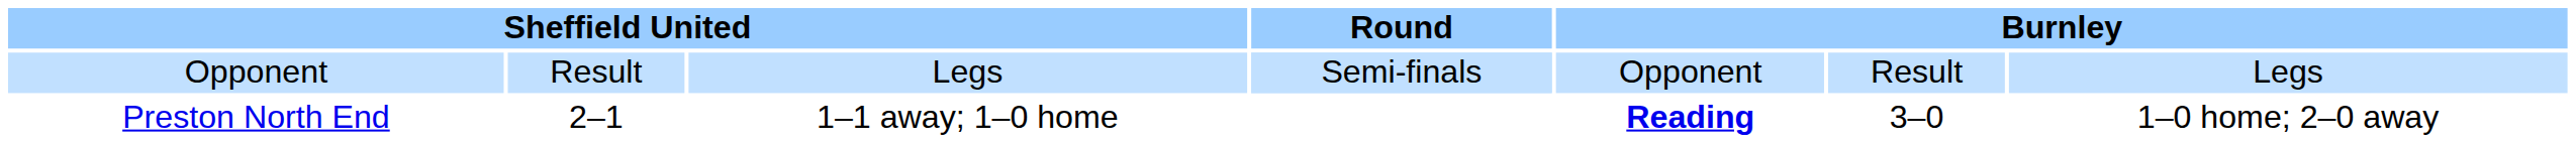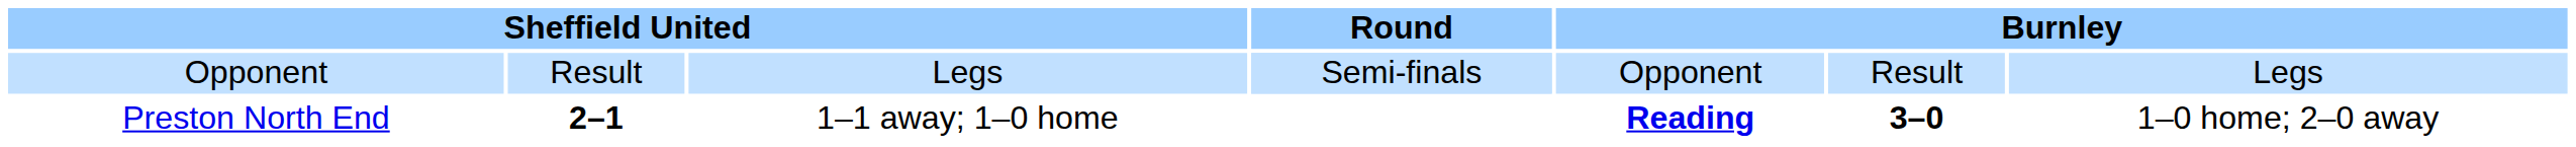 <table width="100%" bgcolor=white>
 <tr valign=top bgcolor=#99ccff>
 <th colspan=3 style="width:1*"><strong>Sheffield United</strong></th>
 <th><strong>Round</strong></th>
 <th colspan=3 style="width:1*"><strong>Burnley</strong></th>
 </tr>
 <tr valign=top align="center" bgcolor=#c1e0ff>
 <td>Opponent</td>
 <td>Result</td>
 <td>Legs</td>
 <td bgcolor=#c1e0ff>Semi-finals</td>
 <td>Opponent</td>
 <td>Result</td>
 <td>Legs</td>
 </tr>
 <tr align="center">
 <td><a href='#'>Preston North End</a></td>
-<td>2–1</td>
+<td><strong>2–1</strong></td>
 <td>1–1 away; 1–0 home</td>
 <td></td>
 <td><strong><a href='#'>Reading</a></strong></td>
-<td>3–0</td>
+<td><strong>3–0</strong></td>
 <td>1–0 home; 2–0 away</td>
 </tr>
 </table>
